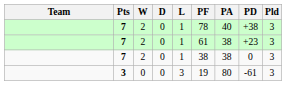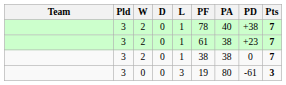 <table class="wikitable" style="text-align:center;">
 <tr>
 <th width=175>Team</th>
-<th width=25 abbr="Points">Pts</th>
+<th width=25 abbr="Played">Pld</th>
 <th width=25 abbr="Won">W</th>
 <th width=25 abbr="Drawn">D</th>
 <th width=25 abbr="Lost">L</th>
 <th width=32 abbr="Points for">PF</th>
 <th width=32 abbr="Points against">PA</th>
 <th width=32 abbr="Points difference">PD</th>
-<th width=25 abbr="Played">Pld</th>
+<th width=25 abbr="Points">Pts</th>
 </tr>
 <tr bgcolor="#ccffcc">
 <td align=left></td>
-<td><strong>7</strong></td>
+<td>3</td>
 <td>2</td>
 <td>0</td>
 <td>1</td>
 <td>78</td>
 <td>40</td>
 <td>+38</td>
-<td>3</td>
+<td><strong>7</strong></td>
 </tr>
 <tr bgcolor="#ccffcc">
 <td align=left></td>
-<td><strong>7</strong></td>
+<td>3</td>
 <td>2</td>
 <td>0</td>
 <td>1</td>
 <td>61</td>
 <td>38</td>
 <td>+23</td>
-<td>3</td>
+<td><strong>7</strong></td>
 </tr>
 <tr>
 <td align=left></td>
-<td><strong>7</strong></td>
+<td>3</td>
 <td>2</td>
 <td>0</td>
 <td>1</td>
 <td>38</td>
 <td>38</td>
 <td>0</td>
-<td>3</td>
+<td><strong>7</strong></td>
 </tr>
 <tr>
 <td align=left></td>
-<td><strong>3</strong></td>
+<td>3</td>
 <td>0</td>
 <td>0</td>
 <td>3</td>
 <td>19</td>
 <td>80</td>
 <td>-61</td>
-<td>3</td>
+<td><strong>3</strong></td>
 </tr>
 </table>
